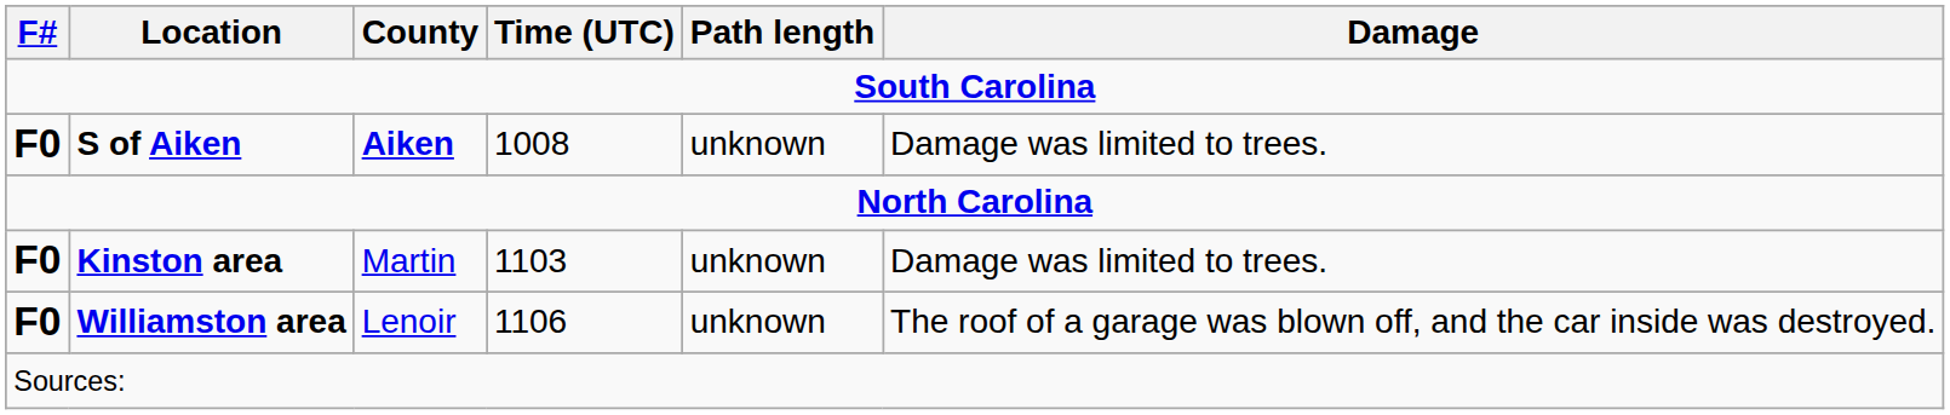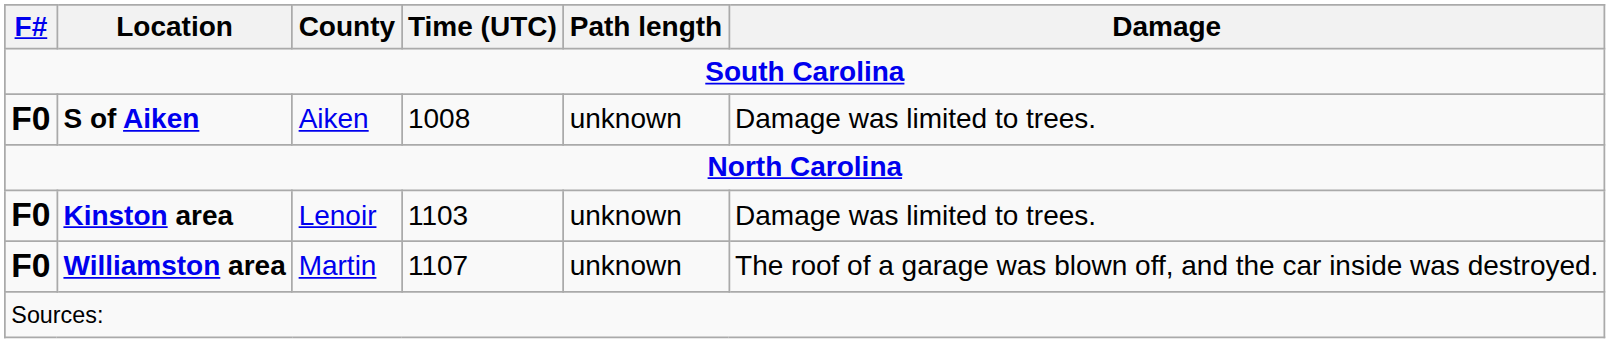 <table class="wikitable">
 <tr>
 <th><strong><a href='#'>F#</a></strong></th>
 <th><strong>Location</strong></th>
 <th><strong>County</strong></th>
 <th><strong>Time (UTC)</strong></th>
 <th><strong>Path length</strong></th>
 <th><strong>Damage</strong></th>
 </tr>
 <tr>
 <td colspan="7" align=center><strong><a href='#'>South Carolina</a></strong></td>
 </tr>
 <tr>
 <td><big><strong>F0</strong></big></td>
 <td><strong>S of <a href='#'>Aiken</a></strong></td>
-<td><strong><a href='#'>Aiken</a></strong></td>
+<td><a href='#'>Aiken</a></td>
 <td>1008</td>
 <td>unknown</td>
 <td>Damage was limited to trees.</td>
 </tr>
 <tr>
 <td colspan="7" align=center><strong><a href='#'>North Carolina</a></strong></td>
 </tr>
 <tr>
 <td><big><strong>F0</strong></big></td>
 <td><strong><a href='#'>Kinston</a> area</strong></td>
-<td><a href='#'>Martin</a></td>
+<td><a href='#'>Lenoir</a></td>
 <td>1103</td>
 <td>unknown</td>
 <td>Damage was limited to trees.</td>
 </tr>
 <tr>
 <td><big><strong>F0</strong></big></td>
 <td><strong><a href='#'>Williamston</a> area</strong></td>
-<td><a href='#'>Lenoir</a></td>
-<td>1106</td>
+<td><a href='#'>Martin</a></td>
+<td>1107</td>
 <td>unknown</td>
 <td>The roof of a garage was blown off, and the car inside was destroyed.</td>
 </tr>
 <tr>
 <td colspan="7"><small>Sources:</small></td>
 </tr>
 </table>
